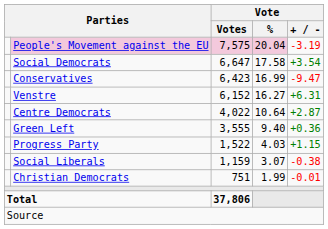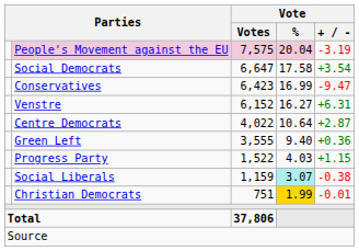 <table class="wikitable" style="text-align:right;">
 <tr>
 <th style="text-align:centre;" rowspan="2" colspan="2" width="225">Parties</th>
 <th colspan="3">Vote</th>
 </tr>
 <tr>
 <th width="15">Votes</th>
 <th width="15">%</th>
 <th width="15">+ / -</th>
 </tr>
 <tr>
 <td width="2" style="color:inherit;background:"></td>
 <td bgcolor=#f3c9dc   align="left"><a href='#'>People's Movement against the EU</a></td>
 <td bgcolor=#f3c9dc>7,575</td>
 <td bgcolor=#f3c9dc>20.04</td>
 <td style=color:red;>-3.19</td>
 </tr>
 <tr>
 <td width="2" style="color:inherit;background:"></td>
 <td align="left"><a href='#'>Social Democrats</a></td>
 <td>6,647</td>
 <td>17.58</td>
 <td style=color:green;>+3.54</td>
 </tr>
 <tr>
 <td width="2" style="color:inherit;background:"></td>
 <td align="left"><a href='#'>Conservatives</a></td>
 <td>6,423</td>
 <td>16.99</td>
 <td style=color:red;>-9.47</td>
 </tr>
 <tr>
 <td width="2" style="color:inherit;background:"></td>
 <td align="left"><a href='#'>Venstre</a></td>
 <td>6,152</td>
 <td>16.27</td>
 <td style=color:green;>+6.31</td>
 </tr>
 <tr>
 <td width="2" style="color:inherit;background:"></td>
 <td align="left"><a href='#'>Centre Democrats</a></td>
 <td>4,022</td>
 <td>10.64</td>
 <td style=color:green;>+2.87</td>
 </tr>
 <tr>
 <td width="2" style="color:inherit;background:"></td>
 <td align="left"><a href='#'>Green Left</a></td>
 <td>3,555</td>
 <td>9.40</td>
 <td style=color:green;>+0.36</td>
 </tr>
 <tr>
 <td width="2" style="color:inherit;background:"></td>
 <td align="left"><a href='#'>Progress Party</a></td>
 <td>1,522</td>
 <td>4.03</td>
 <td style=color:green;>+1.15</td>
 </tr>
 <tr>
 <td width="2" style="color:inherit;background:"></td>
 <td align="left"><a href='#'>Social Liberals</a></td>
 <td>1,159</td>
-<td>3.07</td>
+<td style="background: paleturquoise;">3.07</td>
 <td style=color:red;>-0.38</td>
 </tr>
 <tr>
 <td width="2" style="color:inherit;background:"></td>
 <td align="left"><a href='#'>Christian Democrats</a></td>
 <td>751</td>
-<td>1.99</td>
+<td style="background: gold;">1.99</td>
 <td style=color:red;>-0.01</td>
 </tr>
 <tr>
 <td colspan="7" bgcolor="#E9E9E9"></td>
 </tr>
 <tr>
 <td align="left" colspan="2"><strong>Total</strong></td>
 <td><strong>37,806</strong></td>
 <td bgcolor="#E9E9E9" colspan="2"></td>
 </tr>
 <tr>
 <td align="left" colspan="6">Source</td>
 </tr>
 </table>
